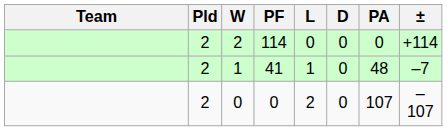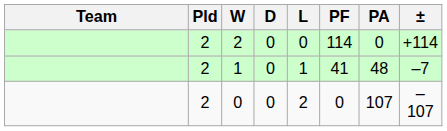 <table class="wikitable" style="text-align:center;">
 <tr>
 <th width=175>Team</th>
 <th width=25 abbr="Played">Pld</th>
 <th width=25 abbr="Won">W</th>
+<th width=25 abbr="Drawn">D</th>
+<th width=25 abbr="Lost">L</th>
 <th width=32 abbr="Points for">PF</th>
-<th width=25 abbr="Lost">L</th>
-<th width=25 abbr="Drawn">D</th>
 <th width=32 abbr="Points against">PA</th>
 <th width=32 abbr="Points difference">±</th>
 </tr>
 <tr bgcolor=ccffcc>
 <td align=left></td>
 <td>2</td>
 <td>2</td>
-<td>114</td>
 <td>0</td>
 <td>0</td>
+<td>114</td>
 <td>0</td>
 <td>+114</td>
 </tr>
 <tr bgcolor=ccffcc>
 <td align=left></td>
 <td>2</td>
 <td>1</td>
+<td>0</td>
+<td>1</td>
 <td>41</td>
-<td>1</td>
-<td>0</td>
 <td>48</td>
 <td>–7</td>
 </tr>
 <tr>
 <td align=left></td>
 <td>2</td>
 <td>0</td>
 <td>0</td>
 <td>2</td>
 <td>0</td>
 <td>107</td>
 <td>–107</td>
 </tr>
 </table>
